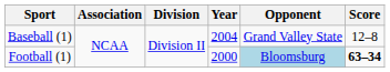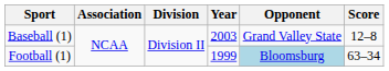 <table class="wikitable" style="text-align:center">
 <tr>
 <th>Sport</th>
 <th>Association</th>
 <th>Division</th>
 <th>Year</th>
 <th>Opponent</th>
 <th>Score</th>
 </tr>
 <tr align="center">
 <td rowspan="1"><a href='#'>Baseball</a> (1)</td>
 <td rowspan="2"><a href='#'>NCAA</a></td>
 <td rowspan="2"><a href='#'>Division II</a></td>
-<td><a href='#'>2004</a></td>
+<td><a href='#'>2003</a></td>
 <td><a href='#'>Grand Valley State</a></td>
 <td>12–8</td>
 </tr>
 <tr align="center">
 <td rowspan="1"><a href='#'>Football</a> (1)</td>
-<td><a href='#'>2000</a></td>
+<td><a href='#'>1999</a></td>
 <td style="background: lightblue;"><a href='#'>Bloomsburg</a></td>
-<td><strong>63–34</strong></td>
+<td>63–34</td>
 </tr>
 </table>
